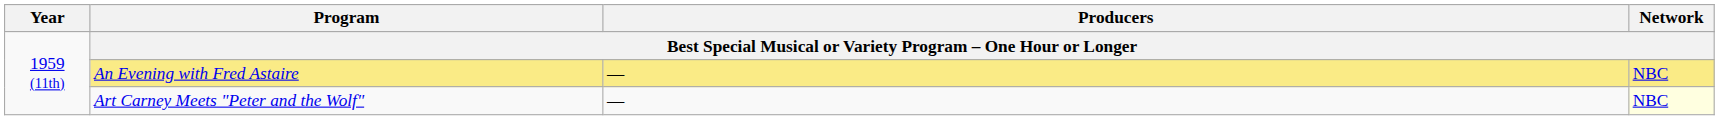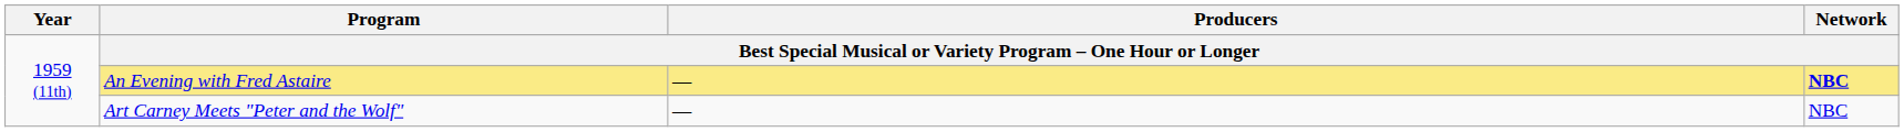 <table class="wikitable" style="width:100%">
 <tr bgcolor="#bebebe">
 <th width="5%">Year</th>
 <th width="30%">Program</th>
 <th width="60%">Producers</th>
 <th width="5%">Network</th>
 </tr>
 <tr>
 <td rowspan=4 style="text-align:center"><a href='#'>1959</a><br><small><a href='#'>(11th)</a></small></td>
 </tr>
 <tr>
 <th colspan="4">Best Special Musical or Variety Program – One Hour or Longer</th>
 </tr>
 <tr style="background:#FAEB86">
 <td><em><a href='#'>An Evening with Fred Astaire</a></em></td>
 <td>—</td>
-<td><a href='#'>NBC</a></td>
+<td><strong><a href='#'>NBC</a></strong></td>
 </tr>
 <tr>
 <td><em><a href='#'>Art Carney Meets "Peter and the Wolf"</a></em></td>
 <td>—</td>
-<td style="background: lightyellow;"><a href='#'>NBC</a></td>
+<td><a href='#'>NBC</a></td>
 </tr>
 </table>
